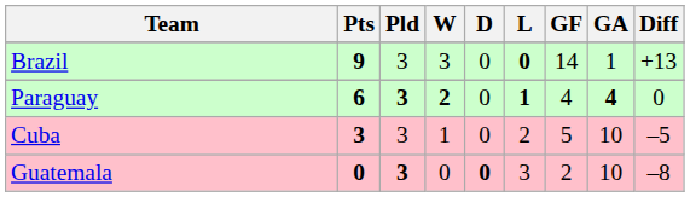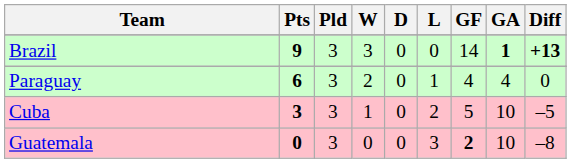 <table class=wikitable style="text-align:center">
 <tr>
 <th width=220>Team</th>
 <th width=20>Pts</th>
 <th width=20>Pld</th>
 <th width=20>W</th>
 <th width=20>D</th>
 <th width=20>L</th>
 <th width=20>GF</th>
 <th width=20>GA</th>
 <th width=20>Diff</th>
 </tr>
 <tr>
 </tr>
 <tr bgcolor=ccffcc>
 <td align=left> <a href='#'>Brazil</a></td>
 <td><strong>9</strong></td>
 <td>3</td>
 <td>3</td>
 <td>0</td>
-<td><strong>0</strong></td>
+<td>0</td>
 <td>14</td>
-<td>1</td>
-<td>+13</td>
+<td><strong>1</strong></td>
+<td><strong>+13</strong></td>
 </tr>
 <tr>
 </tr>
 <tr bgcolor=ccffcc>
 <td align=left> <a href='#'>Paraguay</a></td>
 <td><strong>6</strong></td>
-<td><strong>3</strong></td>
-<td><strong>2</strong></td>
+<td>3</td>
+<td>2</td>
 <td>0</td>
-<td><strong>1</strong></td>
+<td>1</td>
 <td>4</td>
-<td><strong>4</strong></td>
+<td>4</td>
 <td>0</td>
 </tr>
 <tr bgcolor=pink>
 <td align=left> <a href='#'>Cuba</a></td>
 <td><strong>3</strong></td>
 <td>3</td>
 <td>1</td>
 <td>0</td>
 <td>2</td>
 <td>5</td>
 <td>10</td>
 <td>–5</td>
 </tr>
 <tr bgcolor=pink>
 <td align=left> <a href='#'>Guatemala</a></td>
 <td><strong>0</strong></td>
-<td><strong>3</strong></td>
+<td>3</td>
 <td>0</td>
-<td><strong>0</strong></td>
+<td>0</td>
 <td>3</td>
-<td>2</td>
+<td><strong>2</strong></td>
 <td>10</td>
 <td>–8</td>
 </tr>
 </table>
